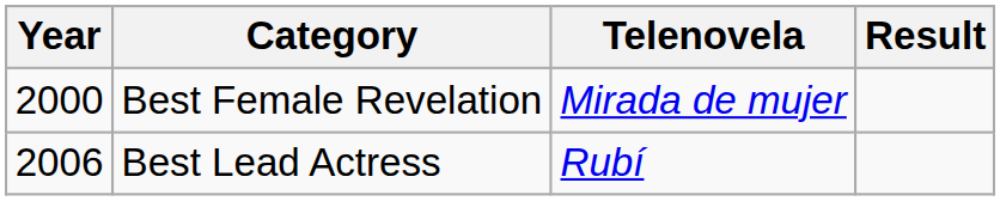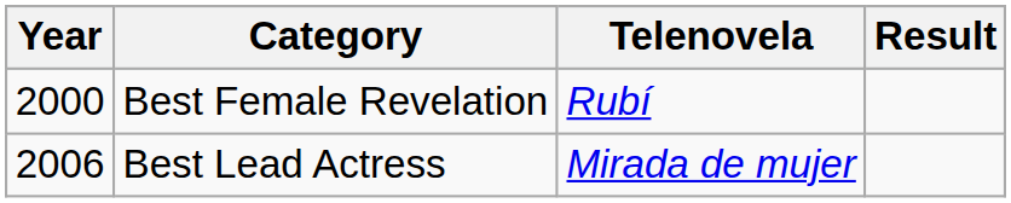 <table class="wikitable">
 <tr style="background:#b0c4de;">
 <th>Year</th>
 <th>Category</th>
 <th>Telenovela</th>
 <th>Result</th>
 </tr>
 <tr>
 <td>2000</td>
 <td>Best Female Revelation</td>
-<td><em><a href='#'>Mirada de mujer</a></em></td>
+<td><em><a href='#'>Rubí</a></em></td>
 <td></td>
 </tr>
 <tr>
 <td>2006</td>
 <td>Best Lead Actress</td>
-<td><em><a href='#'>Rubí</a></em></td>
+<td><em><a href='#'>Mirada de mujer</a></em></td>
 <td></td>
 </tr>
 </table>
